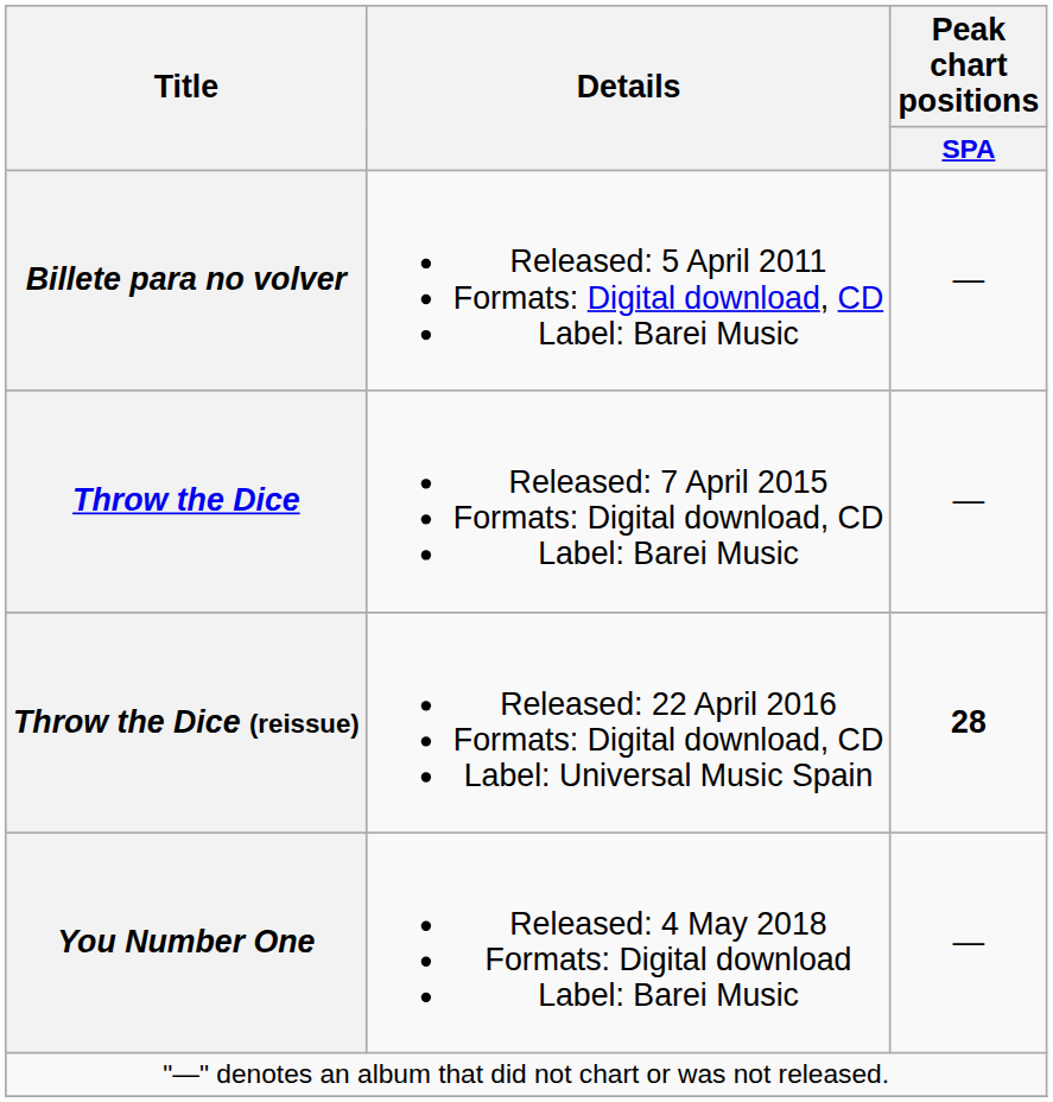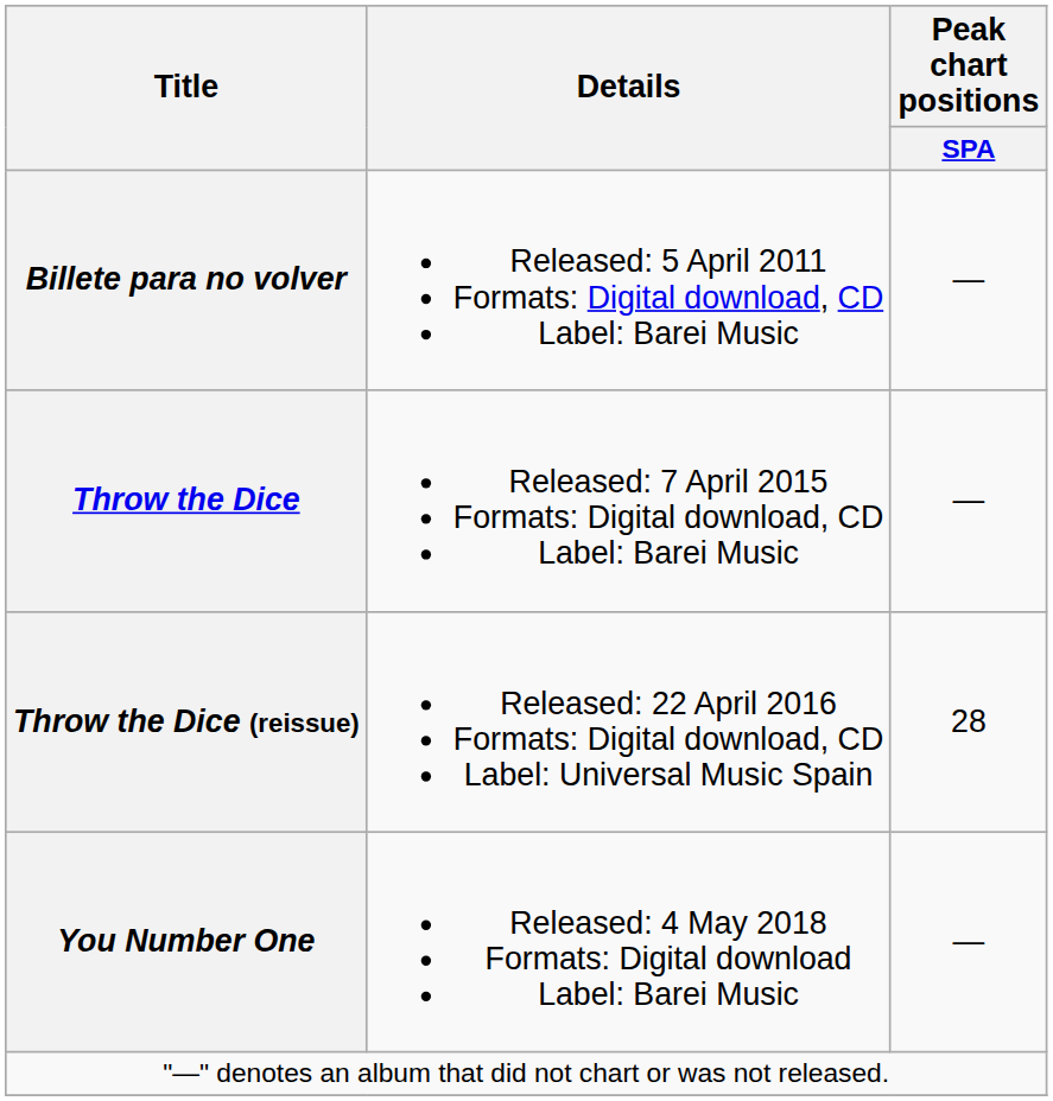 <table class="wikitable plainrowheaders" style="text-align:center;">
 <tr>
 <th scope="col" rowspan="2">Title</th>
 <th scope="col" rowspan="2">Details</th>
 <th scope="col" colspan="1">Peak chart positions</th>
 </tr>
 <tr>
 <th scope="col" style="width:3em;font-size:85%;"><a href='#'>SPA</a><br></th>
 </tr>
 <tr>
 <th scope="row"><em>Billete para no volver</em></th>
 <td><br><ul><li>Released: 5 April 2011</li><li>Formats: <a href='#'>Digital download</a>, <a href='#'>CD</a></li><li>Label: Barei Music</li></ul></td>
 <td>—</td>
 </tr>
 <tr>
 <th scope="row"><em><a href='#'>Throw the Dice</a></em></th>
 <td><br><ul><li>Released: 7 April 2015</li><li>Formats: Digital download, CD</li><li>Label: Barei Music</li></ul></td>
 <td>—</td>
 </tr>
 <tr>
 <th scope="row"><em>Throw the Dice</em> <small>(reissue)</small></th>
 <td><br><ul><li>Released: 22 April 2016</li><li>Formats: Digital download, CD</li><li>Label: Universal Music Spain</li></ul></td>
-<td><strong>28</strong></td>
+<td>28</td>
 </tr>
 <tr>
 <th scope="row"><em>You Number One</em></th>
 <td><br><ul><li>Released: 4 May 2018</li><li>Formats: Digital download</li><li>Label: Barei Music</li></ul></td>
 <td>—</td>
 </tr>
 <tr>
 <td style="text-align:center; font-size:85%;" colspan="22">"—" denotes an album that did not chart or was not released.</td>
 </tr>
 <tr>
 </tr>
 </table>
